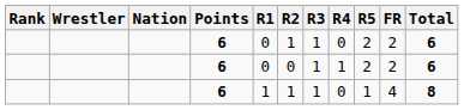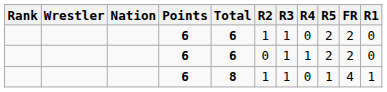 <table class="wikitable sortable" style="text-align:center;">
 <tr>
 <th>Rank</th>
 <th>Wrestler</th>
 <th>Nation</th>
 <th>Points</th>
-<th>R1</th>
+<th>Total</th>
 <th>R2</th>
 <th>R3</th>
 <th>R4</th>
 <th>R5</th>
 <th>FR</th>
-<th>Total</th>
+<th>R1</th>
 </tr>
 <tr>
 <td></td>
 <td align=left></td>
 <td align=left></td>
 <td><strong>6</strong></td>
-<td>0</td>
+<td><strong>6</strong></td>
 <td>1</td>
 <td>1</td>
 <td>0</td>
 <td>2</td>
 <td>2</td>
-<td><strong>6</strong></td>
+<td>0</td>
 </tr>
 <tr>
 <td></td>
 <td align=left></td>
 <td align=left></td>
 <td><strong>6</strong></td>
-<td>0</td>
+<td><strong>6</strong></td>
 <td>0</td>
 <td>1</td>
 <td>1</td>
 <td>2</td>
 <td>2</td>
-<td><strong>6</strong></td>
+<td>0</td>
 </tr>
 <tr>
 <td></td>
 <td align=left></td>
 <td align=left></td>
 <td><strong>6</strong></td>
-<td>1</td>
+<td><strong>8</strong></td>
 <td>1</td>
 <td>1</td>
 <td>0</td>
 <td>1</td>
 <td>4</td>
-<td><strong>8</strong></td>
+<td>1</td>
 </tr>
 </table>
